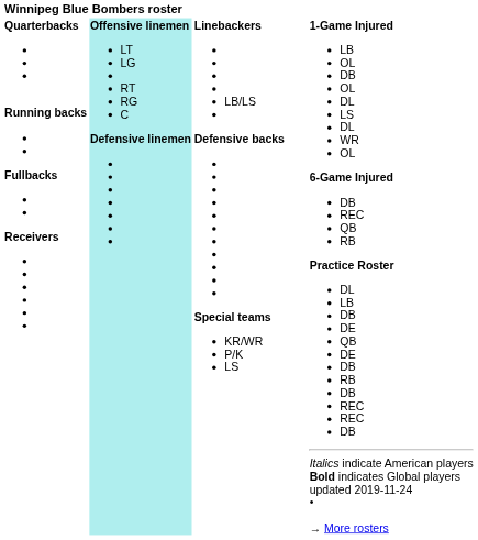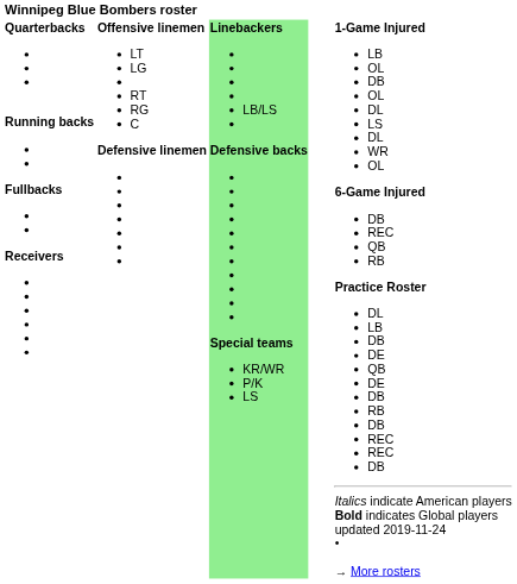 <table class="toccolours" style="text-align: left;">
 <tr>
 <th colspan="9">Winnipeg Blue Bombers roster</th>
 </tr>
 <tr>
 <td style="font-size: 95%;vertical-align:top;"><strong>Quarterbacks</strong><br><ul><li></li><li></li><li></li></ul><br><strong>Running backs</strong><ul><li></li><li></li></ul><strong>Fullbacks</strong><ul><li></li><li></li></ul><strong>Receivers</strong><ul><li></li><li></li><li></li><li></li><li></li><li></li></ul></td>
-<td style="background: paleturquoise; font-size: 95%;vertical-align:top;"><strong>Offensive linemen</strong><br><ul><li> LT</li><li> LG</li><li></li><li> RT</li><li> RG</li><li> C</li></ul><strong>Defensive linemen</strong><ul><li></li><li></li><li></li><li></li><li></li><li></li><li></li></ul></td>
-<td style="font-size: 95%;vertical-align:top;"><strong>Linebackers</strong><br><ul><li></li><li></li><li></li><li></li><li> LB/LS</li><li></li></ul><strong>Defensive backs</strong><ul><li></li><li></li><li></li><li></li><li></li><li></li><li></li><li></li><li></li><li></li><li></li></ul><strong>Special teams</strong><ul><li> KR/WR</li><li> P/K</li><li> LS</li></ul></td>
+<td style="font-size: 95%;vertical-align:top;"><strong>Offensive linemen</strong><br><ul><li> LT</li><li> LG</li><li></li><li> RT</li><li> RG</li><li> C</li></ul><strong>Defensive linemen</strong><ul><li></li><li></li><li></li><li></li><li></li><li></li><li></li></ul></td>
+<td style="background: lightgreen; font-size: 95%;vertical-align:top;"><strong>Linebackers</strong><br><ul><li></li><li></li><li></li><li></li><li> LB/LS</li><li></li></ul><strong>Defensive backs</strong><ul><li></li><li></li><li></li><li></li><li></li><li></li><li></li><li></li><li></li><li></li><li></li></ul><strong>Special teams</strong><ul><li> KR/WR</li><li> P/K</li><li> LS</li></ul></td>
 <td style="width: 25px;"></td>
 <td style="font-size: 95%;vertical-align:top"><strong>1-Game Injured</strong><br><ul><li> LB</li><li> OL</li><li> DB</li><li> OL</li><li> DL</li><li> LS</li><li> DL</li><li> WR</li><li> OL</li></ul><strong>6-Game Injured</strong><ul><li> DB</li><li> REC</li><li> QB</li><li> RB</li></ul><strong>Practice Roster</strong><ul><li> DL</li><li> LB</li><li> DB</li><li> DE</li><li> QB</li><li> DE</li><li> DB</li><li> RB</li><li> DB</li><li> REC</li><li> REC</li><li> DB</li></ul><hr> <em>Italics</em> indicate American players<br> <strong>Bold</strong> indicates Global players<br> <span></span> updated 2019-11-24<br> <span></span> • <span></span><br> <br>→ <a href='#'>More rosters</a></td>
 </tr>
 <tr>
 </tr>
 </table>
